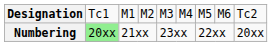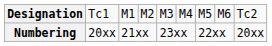 <table class="wikitable">
 <tr>
 <th>Designation</th>
 <td>Tc1</td>
 <td>M1</td>
 <td>M2</td>
 <td>M3</td>
 <td>M4</td>
 <td>M5</td>
 <td>M6</td>
 <td>Tc2</td>
 </tr>
 <tr>
 <th>Numbering</th>
-<td style="background: lightgreen;">20xx</td>
+<td>20xx</td>
 <td colspan="2">21xx</td>
 <td colspan="2">23xx</td>
 <td colspan="2">22xx</td>
 <td>20xx</td>
 </tr>
 </table>
